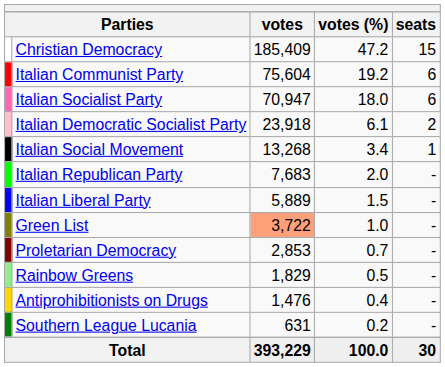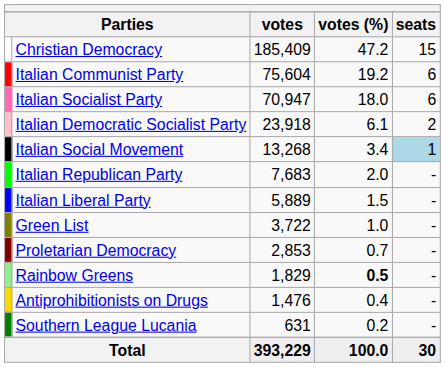 <table class="wikitable" style="font-size:95%">
 <tr>
 <th colspan=5></th>
 </tr>
 <tr>
 </tr>
 <tr bgcolor="EFEFEF">
 <th colspan=2>Parties</th>
 <th>votes</th>
 <th>votes (%)</th>
 <th>seats</th>
 </tr>
 <tr>
 <td bgcolor=White></td>
 <td><a href='#'>Christian Democracy</a></td>
 <td align=right>185,409</td>
 <td align=right>47.2</td>
 <td align=right>15</td>
 </tr>
 <tr>
 <td bgcolor=Red></td>
 <td><a href='#'>Italian Communist Party</a></td>
 <td align=right>75,604</td>
 <td align=right>19.2</td>
 <td align=right>6</td>
 </tr>
 <tr>
 <td bgcolor=Hotpink></td>
 <td><a href='#'>Italian Socialist Party</a></td>
 <td align=right>70,947</td>
 <td align=right>18.0</td>
 <td align=right>6</td>
 </tr>
 <tr>
 <td bgcolor=Pink></td>
 <td><a href='#'>Italian Democratic Socialist Party</a></td>
 <td align=right>23,918</td>
 <td align=right>6.1</td>
 <td align=right>2</td>
 </tr>
 <tr>
 <td bgcolor=Black></td>
 <td><a href='#'>Italian Social Movement</a></td>
 <td align=right>13,268</td>
 <td align=right>3.4</td>
-<td align=right>1</td>
+<td align=right style="background: lightblue;">1</td>
 </tr>
 <tr>
 <td bgcolor=Lime></td>
 <td><a href='#'>Italian Republican Party</a></td>
 <td align=right>7,683</td>
 <td align=right>2.0</td>
 <td align=right>-</td>
 </tr>
 <tr>
 <td bgcolor=Blue></td>
 <td><a href='#'>Italian Liberal Party</a></td>
 <td align=right>5,889</td>
 <td align=right>1.5</td>
 <td align=right>-</td>
 </tr>
 <tr>
 <td bgcolor=Olive></td>
 <td><a href='#'>Green List</a></td>
-<td align=right style="background: lightsalmon;">3,722</td>
+<td align=right>3,722</td>
 <td align=right>1.0</td>
 <td align=right>-</td>
 </tr>
 <tr>
 <td bgcolor=Maroon></td>
 <td><a href='#'>Proletarian Democracy</a></td>
 <td align=right>2,853</td>
 <td align=right>0.7</td>
 <td align=right>-</td>
 </tr>
 <tr>
 <td bgcolor=Lightgreen></td>
 <td><a href='#'>Rainbow Greens</a></td>
 <td align=right>1,829</td>
-<td align=right>0.5</td>
+<td align=right><strong>0.5</strong></td>
 <td align=right>-</td>
 </tr>
 <tr>
 <td bgcolor=Gold></td>
 <td><a href='#'>Antiprohibitionists on Drugs</a></td>
 <td align=right>1,476</td>
 <td align=right>0.4</td>
 <td align=right>-</td>
 </tr>
 <tr>
 <td bgcolor=Green></td>
 <td><a href='#'>Southern League Lucania</a></td>
 <td align=right>631</td>
 <td align=right>0.2</td>
 <td align=right>-</td>
 </tr>
 <tr>
 </tr>
 <tr bgcolor="EFEFEF">
 <th colspan=2><strong>Total</strong></th>
 <td align=right><strong>393,229</strong></td>
 <td align=right><strong>100.0</strong></td>
 <td align=right><strong>30</strong></td>
 </tr>
 </table>
